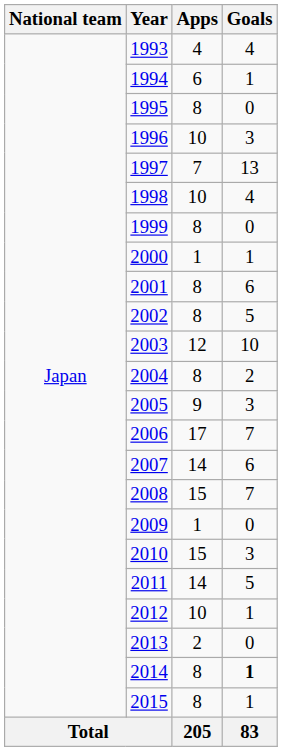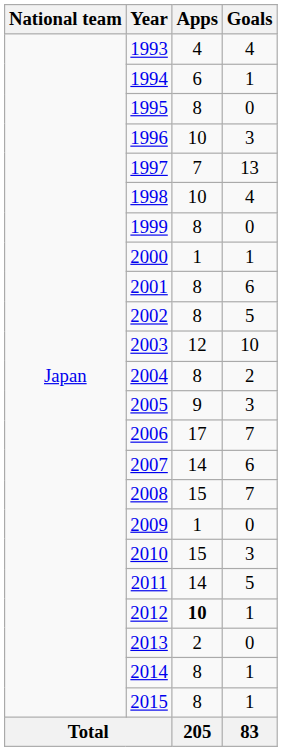 <table class="wikitable" style="text-align:center">
 <tr>
 <th>National team</th>
 <th>Year</th>
 <th>Apps</th>
 <th>Goals</th>
 </tr>
 <tr>
 <td rowspan="23"><a href='#'>Japan</a></td>
 <td><a href='#'>1993</a></td>
 <td>4</td>
 <td>4</td>
 </tr>
 <tr>
 <td><a href='#'>1994</a></td>
 <td>6</td>
 <td>1</td>
 </tr>
 <tr>
 <td><a href='#'>1995</a></td>
 <td>8</td>
 <td>0</td>
 </tr>
 <tr>
 <td><a href='#'>1996</a></td>
 <td>10</td>
 <td>3</td>
 </tr>
 <tr>
 <td><a href='#'>1997</a></td>
 <td>7</td>
 <td>13</td>
 </tr>
 <tr>
 <td><a href='#'>1998</a></td>
 <td>10</td>
 <td>4</td>
 </tr>
 <tr>
 <td><a href='#'>1999</a></td>
 <td>8</td>
 <td>0</td>
 </tr>
 <tr>
 <td><a href='#'>2000</a></td>
 <td>1</td>
 <td>1</td>
 </tr>
 <tr>
 <td><a href='#'>2001</a></td>
 <td>8</td>
 <td>6</td>
 </tr>
 <tr>
 <td><a href='#'>2002</a></td>
 <td>8</td>
 <td>5</td>
 </tr>
 <tr>
 <td><a href='#'>2003</a></td>
 <td>12</td>
 <td>10</td>
 </tr>
 <tr>
 <td><a href='#'>2004</a></td>
 <td>8</td>
 <td>2</td>
 </tr>
 <tr>
 <td><a href='#'>2005</a></td>
 <td>9</td>
 <td>3</td>
 </tr>
 <tr>
 <td><a href='#'>2006</a></td>
 <td>17</td>
 <td>7</td>
 </tr>
 <tr>
 <td><a href='#'>2007</a></td>
 <td>14</td>
 <td>6</td>
 </tr>
 <tr>
 <td><a href='#'>2008</a></td>
 <td>15</td>
 <td>7</td>
 </tr>
 <tr>
 <td><a href='#'>2009</a></td>
 <td>1</td>
 <td>0</td>
 </tr>
 <tr>
 <td><a href='#'>2010</a></td>
 <td>15</td>
 <td>3</td>
 </tr>
 <tr>
 <td><a href='#'>2011</a></td>
 <td>14</td>
 <td>5</td>
 </tr>
 <tr>
 <td><a href='#'>2012</a></td>
-<td>10</td>
+<td><strong>10</strong></td>
 <td>1</td>
 </tr>
 <tr>
 <td><a href='#'>2013</a></td>
 <td>2</td>
 <td>0</td>
 </tr>
 <tr>
 <td><a href='#'>2014</a></td>
 <td>8</td>
-<td><strong>1</strong></td>
+<td>1</td>
 </tr>
 <tr>
 <td><a href='#'>2015</a></td>
 <td>8</td>
 <td>1</td>
 </tr>
 <tr>
 <th colspan="2">Total</th>
 <th>205</th>
 <th>83</th>
 </tr>
 </table>
